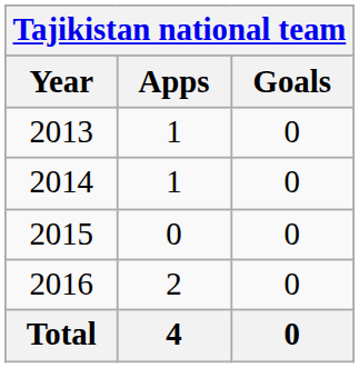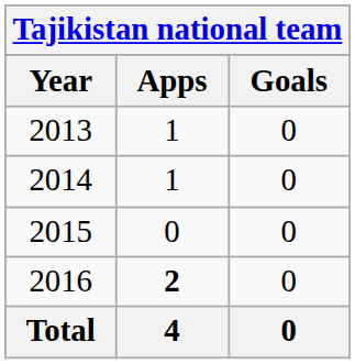 <table class="wikitable" style="text-align:center">
 <tr>
 <th colspan=3><a href='#'>Tajikistan national team</a></th>
 </tr>
 <tr>
 <th>Year</th>
 <th>Apps</th>
 <th>Goals</th>
 </tr>
 <tr>
 <td>2013</td>
 <td>1</td>
 <td>0</td>
 </tr>
 <tr>
 <td>2014</td>
 <td>1</td>
 <td>0</td>
 </tr>
 <tr>
 <td>2015</td>
 <td>0</td>
 <td>0</td>
 </tr>
 <tr>
 <td>2016</td>
-<td>2</td>
+<td><strong>2</strong></td>
 <td>0</td>
 </tr>
 <tr>
 <th>Total</th>
 <th>4</th>
 <th>0</th>
 </tr>
 </table>
